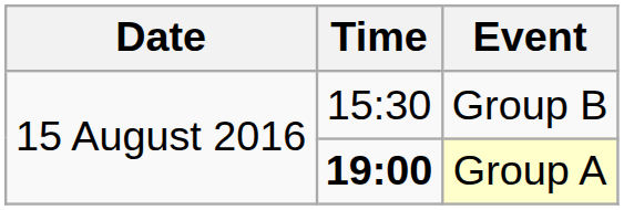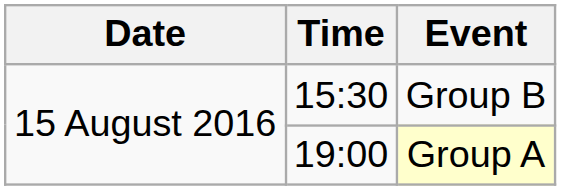 <table class = "wikitable" style="text-align:center;">
 <tr>
 <th>Date</th>
 <th>Time</th>
 <th>Event</th>
 </tr>
 <tr>
 <td rowspan=2>15 August 2016</td>
 <td>15:30</td>
 <td>Group B</td>
 </tr>
 <tr>
-<td><strong>19:00</strong></td>
+<td>19:00</td>
 <td bgcolor=ffffcc>Group A</td>
 </tr>
 </table>
